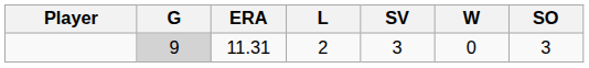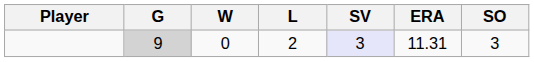 <table class="wikitable sortable">
 <tr>
 <th bgcolor="#DDDDFF" width="16%">Player</th>
 <th bgcolor="#DDDDFF" width="9%">G</th>
-<th bgcolor="#DDDDFF" width="9%">ERA</th>
+<th bgcolor="#DDDDFF" width="9%">W</th>
 <th bgcolor="#DDDDFF" width="9%">L</th>
 <th bgcolor="#DDDDFF" width="9%">SV</th>
-<th bgcolor="#DDDDFF" width="9%">W</th>
+<th bgcolor="#DDDDFF" width="9%">ERA</th>
 <th bgcolor="#DDDDFF" width="9%">SO</th>
 </tr>
 <tr align="center">
 <td></td>
 <td style="background: lightgrey;">9</td>
+<td>0</td>
+<td>2</td>
+<td style="background: lavender;">3</td>
 <td>11.31</td>
-<td>2</td>
-<td>3</td>
-<td>0</td>
 <td>3</td>
 </tr>
 </table>
